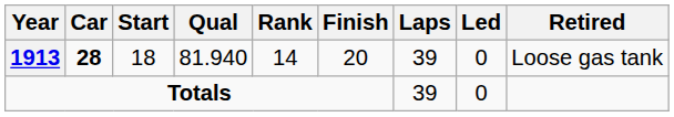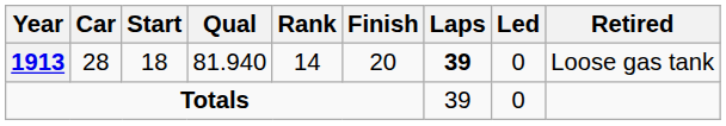 <table class="wikitable" style="text-align:center">
 <tr>
 <th>Year</th>
 <th>Car</th>
 <th>Start</th>
 <th>Qual</th>
 <th>Rank</th>
 <th>Finish</th>
 <th>Laps</th>
 <th>Led</th>
 <th>Retired</th>
 </tr>
 <tr>
 <th><a href='#'>1913</a></th>
-<td><strong>28</strong></td>
+<td>28</td>
 <td>18</td>
 <td>81.940</td>
 <td>14</td>
 <td>20</td>
-<td>39</td>
+<td><strong>39</strong></td>
 <td>0</td>
 <td>Loose gas tank</td>
 </tr>
 <tr>
 <td colspan=6><strong>Totals</strong></td>
 <td>39</td>
 <td>0</td>
 <td></td>
 </tr>
 </table>
